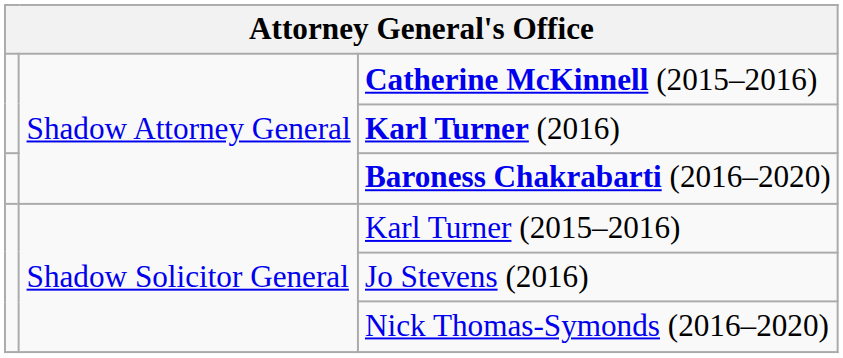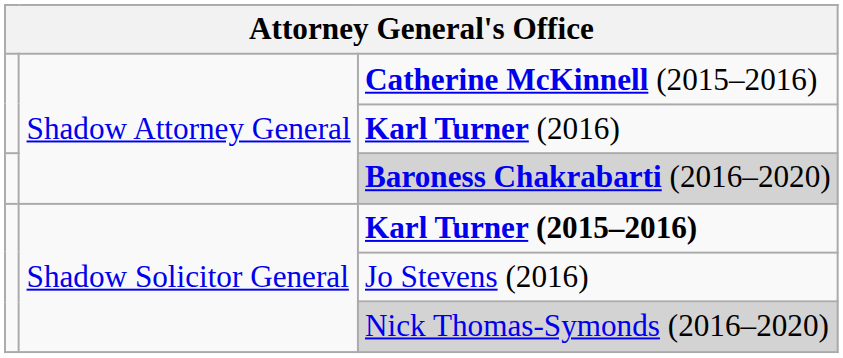 <table class="wikitable">
 <tr>
 <th colspan="3">Attorney General's Office</th>
 </tr>
 <tr>
 <td rowspan="2" style="background: "></td>
 <td rowspan="3"><a href='#'>Shadow Attorney General</a></td>
 <td><strong><a href='#'>Catherine McKinnell</a></strong> (2015–2016)</td>
 </tr>
 <tr>
 <td><strong><a href='#'>Karl Turner</a></strong> (2016)</td>
 </tr>
 <tr>
 <td style="background: "></td>
-<td><strong><a href='#'>Baroness Chakrabarti</a></strong> (2016–2020)</td>
+<td style="background: lightgrey;"><strong><a href='#'>Baroness Chakrabarti</a></strong> (2016–2020)</td>
 </tr>
 <tr>
 <td rowspan="3" style="background: "></td>
 <td rowspan="3"><a href='#'>Shadow Solicitor General</a></td>
-<td><a href='#'>Karl Turner</a> (2015–2016)</td>
+<td><strong><a href='#'>Karl Turner</a> (2015–2016)</strong></td>
 </tr>
 <tr>
 <td><a href='#'>Jo Stevens</a> (2016)</td>
 </tr>
 <tr>
-<td><a href='#'>Nick Thomas-Symonds</a> (2016–2020)</td>
+<td style="background: lightgrey;"><a href='#'>Nick Thomas-Symonds</a> (2016–2020)</td>
 </tr>
 </table>
